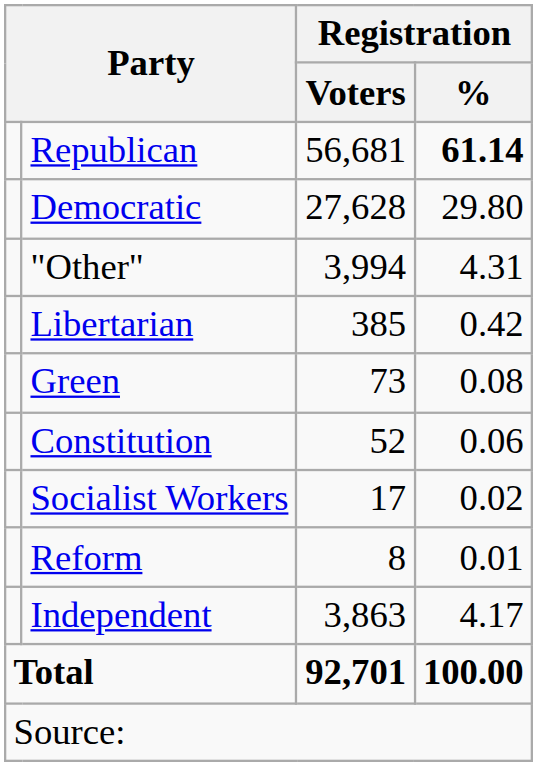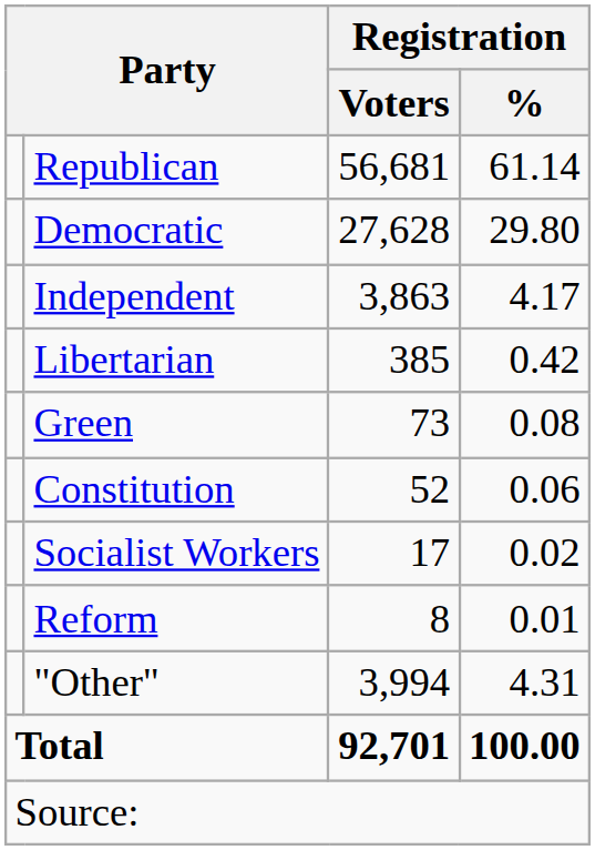 <table class="wikitable">
 <tr>
 <th colspan="2" rowspan="2">Party</th>
 <th colspan="2">Registration</th>
 </tr>
 <tr>
 <th>Voters</th>
 <th>%</th>
 </tr>
 <tr>
 <td style="background-color:"></td>
 <td><a href='#'>Republican</a></td>
 <td style="text-align:right;">56,681</td>
-<td style="text-align:right;"><strong>61.14</strong></td>
+<td style="text-align:right;">61.14</td>
 </tr>
 <tr>
 <td style="background-color:"></td>
 <td><a href='#'>Democratic</a></td>
 <td style="text-align:right;">27,628</td>
 <td style="text-align:right;">29.80</td>
 </tr>
 <tr>
-<td></td>
-<td>"Other"</td>
-<td style="text-align:right;">3,994</td>
-<td style="text-align:right;">4.31</td>
+<td style="background-color:"></td>
+<td><a href='#'>Independent</a></td>
+<td style="text-align:right;">3,863</td>
+<td style="text-align:right;">4.17</td>
 </tr>
 <tr>
 <td style="background-color:"></td>
 <td><a href='#'>Libertarian</a></td>
 <td style="text-align:right;">385</td>
 <td style="text-align:right;">0.42</td>
 </tr>
 <tr>
 <td style="background-color:"></td>
 <td><a href='#'>Green</a></td>
 <td style="text-align:right;">73</td>
 <td style="text-align:right;">0.08</td>
 </tr>
 <tr>
 <td style="background-color:"></td>
 <td><a href='#'>Constitution</a></td>
 <td style="text-align:right;">52</td>
 <td style="text-align:right;">0.06</td>
 </tr>
 <tr>
 <td style="background-color:"></td>
 <td><a href='#'>Socialist Workers</a></td>
 <td style="text-align:right;">17</td>
 <td style="text-align:right;">0.02</td>
 </tr>
 <tr>
 <td style="background-color:"></td>
 <td><a href='#'>Reform</a></td>
 <td style="text-align:right;">8</td>
 <td style="text-align:right;">0.01</td>
 </tr>
 <tr>
-<td style="background-color:"></td>
-<td><a href='#'>Independent</a></td>
-<td style="text-align:right;">3,863</td>
-<td style="text-align:right;">4.17</td>
+<td></td>
+<td>"Other"</td>
+<td style="text-align:right;">3,994</td>
+<td style="text-align:right;">4.31</td>
 </tr>
 <tr>
 <td colspan="2"><strong>Total</strong></td>
 <td style="text-align:right;"><strong>92,701</strong></td>
 <td style="text-align:right;"><strong>100.00</strong></td>
 </tr>
 <tr>
 <td colspan="4">Source: <em></em></td>
 </tr>
 </table>
